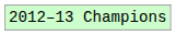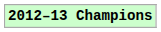 <table class="wikitable">
 <tr>
 </tr>
 <tr width=10px bgcolor="#ccffcc">
-<td>2012–13 Champions</td>
+<td><strong>2012–13 Champions</strong></td>
 </tr>
 <tr>
 </tr>
 </table>
